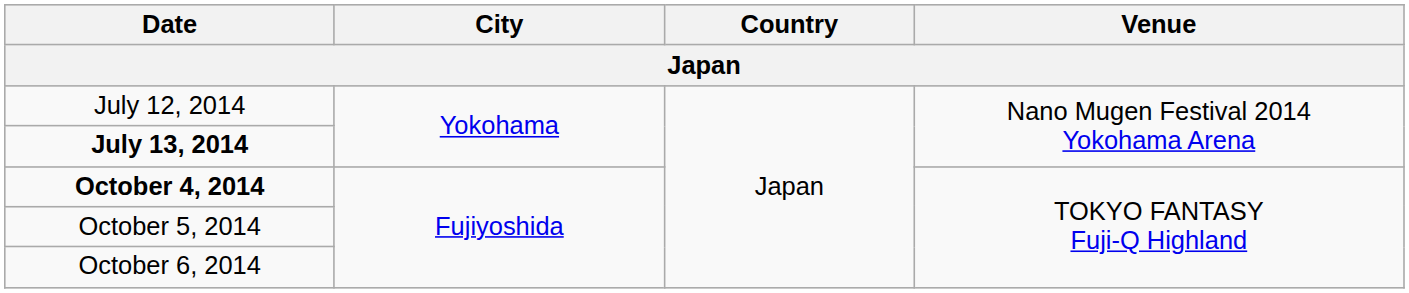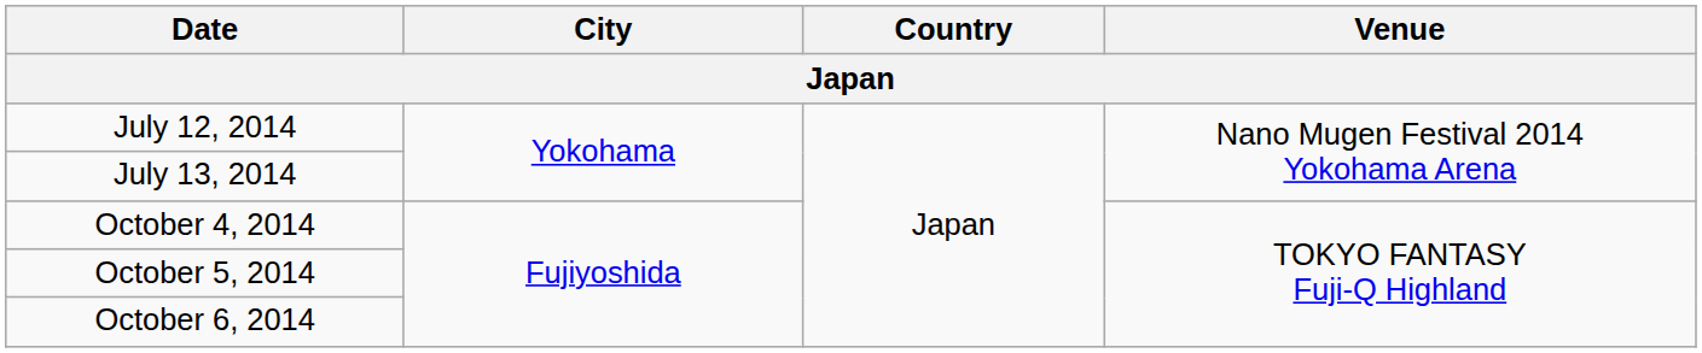 <table class="wikitable" style="text-align:center;">
 <tr>
 <th width="200">Date</th>
 <th width="200">City</th>
 <th width="150">Country</th>
 <th width="300">Venue</th>
 </tr>
 <tr>
 <th colspan="4">Japan</th>
 </tr>
 <tr>
 <td>July 12, 2014</td>
 <td rowspan="2"><a href='#'>Yokohama</a></td>
 <td rowspan="5">Japan</td>
 <td rowspan="2">Nano Mugen Festival 2014<br><a href='#'>Yokohama Arena</a></td>
 </tr>
 <tr>
-<td><strong>July 13, 2014</strong></td>
+<td>July 13, 2014</td>
 </tr>
 <tr>
-<td><strong>October 4, 2014</strong></td>
+<td>October 4, 2014</td>
 <td rowspan="3"><a href='#'>Fujiyoshida</a></td>
 <td rowspan="3">TOKYO FANTASY<br><a href='#'>Fuji-Q Highland</a></td>
 </tr>
 <tr>
 <td>October 5, 2014</td>
 </tr>
 <tr>
 <td>October 6, 2014</td>
 </tr>
 </table>
